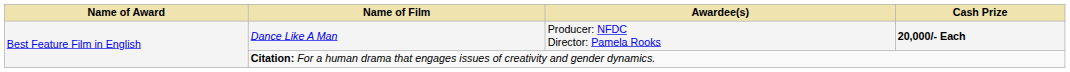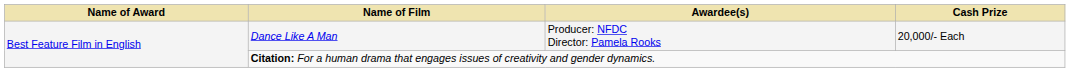 <table class="wikitable" style="width:100%">
 <tr>
 <th style="background-color:#EFE4B0;width:23%;">Name of Award</th>
 <th style="background-color:#EFE4B0;width:28%;">Name of Film</th>
 <th style="background-color:#EFE4B0;width:33%;">Awardee(s)</th>
 <th style="background-color:#EFE4B0;width:16%;">Cash Prize</th>
 </tr>
 <tr style="background-color:#F4F4F4">
 <td rowspan="2"><a href='#'>Best Feature Film in English</a></td>
 <td><em><a href='#'>Dance Like A Man</a></em></td>
 <td>Producer: <a href='#'>NFDC</a><br>Director: <a href='#'>Pamela Rooks</a></td>
-<td><strong> 20,000/- Each</strong></td>
+<td> 20,000/- Each</td>
 </tr>
 <tr style="background-color:#F9F9F9">
 <td colspan="3"><strong>Citation:</strong> <em>For a human drama that engages issues of creativity and gender dynamics.</em></td>
 </tr>
 </table>
